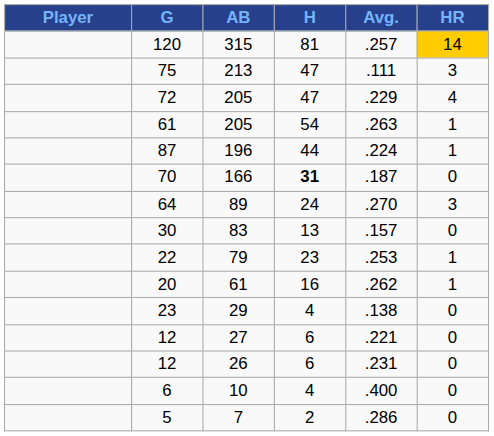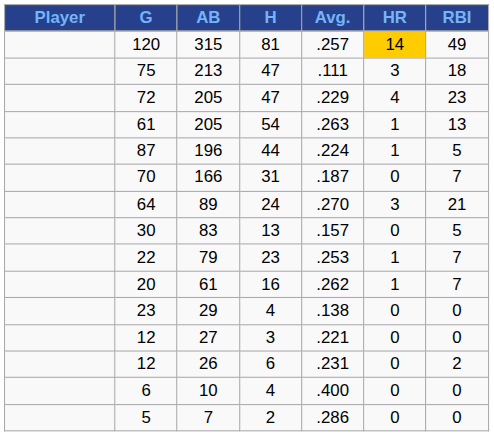 <table class="wikitable sortable">
 <tr>
 <th style="background:#27408B;color:#74B4FA;" width="16%">Player</th>
 <th style="background:#27408B;color:#74B4FA;" width="9%">G</th>
 <th style="background:#27408B;color:#74B4FA;" width="9%">AB</th>
 <th style="background:#27408B;color:#74B4FA;" width="9%">H</th>
 <th style="background:#27408B;color:#74B4FA;" width="9%">Avg.</th>
 <th style="background:#27408B;color:#74B4FA;" width="9%">HR</th>
+<th style="background:#27408B;color:#74B4FA;" width="9%">RBI</th>
 </tr>
 <tr align="center">
 <td></td>
 <td>120</td>
 <td>315</td>
 <td>81</td>
 <td>.257</td>
 <td style="background:#fc0;">14</td>
+<td>49</td>
 </tr>
 <tr align="center">
 <td></td>
 <td>75</td>
 <td>213</td>
 <td>47</td>
 <td>.111</td>
 <td>3</td>
+<td>18</td>
 </tr>
 <tr align="center">
 <td></td>
 <td>72</td>
 <td>205</td>
 <td>47</td>
 <td>.229</td>
 <td>4</td>
+<td>23</td>
 </tr>
 <tr align="center">
 <td></td>
 <td>61</td>
 <td>205</td>
 <td>54</td>
 <td>.263</td>
 <td>1</td>
+<td>13</td>
 </tr>
 <tr align="center">
 <td></td>
 <td>87</td>
 <td>196</td>
 <td>44</td>
 <td>.224</td>
 <td>1</td>
+<td>5</td>
 </tr>
 <tr align="center">
 <td></td>
 <td>70</td>
 <td>166</td>
-<td><strong>31</strong></td>
+<td>31</td>
 <td>.187</td>
 <td>0</td>
+<td>7</td>
 </tr>
 <tr align="center">
 <td></td>
 <td>64</td>
 <td>89</td>
 <td>24</td>
 <td>.270</td>
 <td>3</td>
+<td>21</td>
 </tr>
 <tr align="center">
 <td></td>
 <td>30</td>
 <td>83</td>
 <td>13</td>
 <td>.157</td>
 <td>0</td>
+<td>5</td>
 </tr>
 <tr align="center">
 <td></td>
 <td>22</td>
 <td>79</td>
 <td>23</td>
 <td>.253</td>
 <td>1</td>
+<td>7</td>
 </tr>
 <tr align="center">
 <td></td>
 <td>20</td>
 <td>61</td>
 <td>16</td>
 <td>.262</td>
 <td>1</td>
+<td>7</td>
 </tr>
 <tr align="center">
 <td></td>
 <td>23</td>
 <td>29</td>
 <td>4</td>
 <td>.138</td>
 <td>0</td>
+<td>0</td>
 </tr>
 <tr align="center">
 <td></td>
 <td>12</td>
 <td>27</td>
-<td>6</td>
+<td>3</td>
 <td>.221</td>
+<td>0</td>
 <td>0</td>
 </tr>
 <tr align="center">
 <td></td>
 <td>12</td>
 <td>26</td>
 <td>6</td>
 <td>.231</td>
 <td>0</td>
+<td>2</td>
 </tr>
 <tr align="center">
 <td></td>
 <td>6</td>
 <td>10</td>
 <td>4</td>
 <td>.400</td>
+<td>0</td>
 <td>0</td>
 </tr>
 <tr align="center">
 <td></td>
 <td>5</td>
 <td>7</td>
 <td>2</td>
 <td>.286</td>
 <td>0</td>
+<td>0</td>
 </tr>
 </table>
